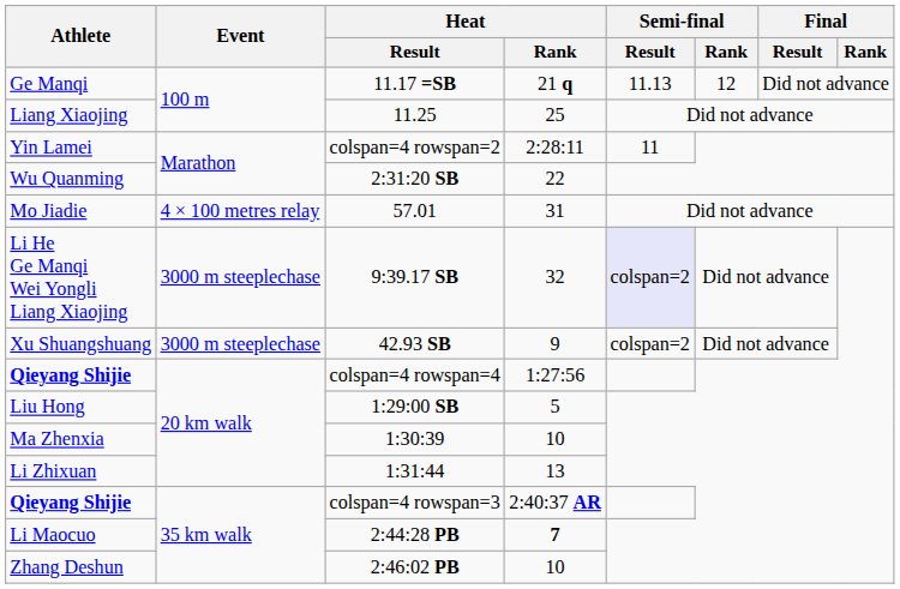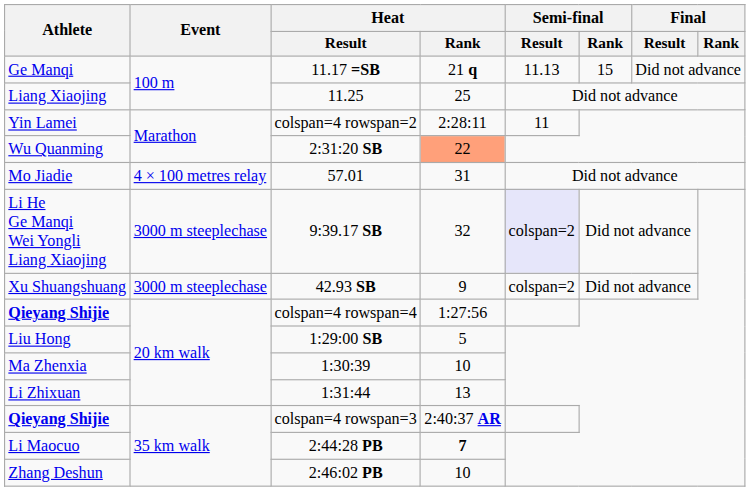 <table class="wikitable" style="font-size:90%">
 <tr>
 <th rowspan="2">Athlete</th>
 <th rowspan="2">Event</th>
 <th colspan="2">Heat</th>
 <th colspan="2">Semi-final</th>
 <th colspan="2">Final</th>
 </tr>
 <tr style="font-size:95%">
 <th>Result</th>
 <th>Rank</th>
 <th>Result</th>
 <th>Rank</th>
 <th>Result</th>
 <th>Rank</th>
 </tr>
 <tr align=center>
 <td align=left><a href='#'>Ge Manqi</a></td>
 <td align=left rowspan=2><a href='#'>100 m</a></td>
 <td>11.17 <strong>=SB</strong></td>
 <td>21 <strong>q</strong></td>
 <td>11.13</td>
-<td>12</td>
+<td>15</td>
 <td colspan="2">Did not advance</td>
 </tr>
 <tr align=center>
 <td align=left><a href='#'>Liang Xiaojing</a></td>
 <td>11.25</td>
 <td>25</td>
 <td colspan="4">Did not advance</td>
 </tr>
 <tr align=center>
 <td align=left><a href='#'>Yin Lamei</a></td>
 <td align=left rowspan=2><a href='#'>Marathon</a></td>
 <td>colspan=4 rowspan=2 </td>
 <td>2:28:11</td>
 <td>11</td>
 </tr>
 <tr align=center>
 <td align=left><a href='#'>Wu Quanming</a></td>
 <td>2:31:20 <strong>SB</strong></td>
-<td>22</td>
+<td style="background: lightsalmon;">22</td>
 </tr>
 <tr align=center>
 <td align=left><a href='#'>Mo Jiadie</a></td>
 <td align=left><a href='#'>4 × 100 metres relay</a></td>
 <td>57.01</td>
 <td>31</td>
 <td colspan="4">Did not advance</td>
 </tr>
 <tr align=center>
 <td align=left><a href='#'>Li He</a> <br> <a href='#'>Ge Manqi</a><br> <a href='#'>Wei Yongli</a><br> <a href='#'>Liang Xiaojing</a></td>
 <td align=left><a href='#'>3000 m steeplechase</a></td>
 <td>9:39.17 <strong>SB</strong></td>
 <td>32</td>
 <td style="background: lavender;">colspan=2</td>
 <td colspan="2">Did not advance</td>
 </tr>
 <tr align=center>
 <td align=left><a href='#'>Xu Shuangshuang</a></td>
 <td align=left><a href='#'>3000 m steeplechase</a></td>
 <td>42.93 <strong>SB</strong></td>
 <td>9</td>
 <td>colspan=2</td>
 <td colspan="2">Did not advance</td>
 </tr>
 <tr align=center>
 <td align=left><strong><a href='#'>Qieyang Shijie</a></strong></td>
 <td align=left rowspan=4><a href='#'>20 km walk</a></td>
 <td>colspan=4 rowspan=4 </td>
 <td>1:27:56</td>
 <td></td>
 </tr>
 <tr align=center>
 <td align=left><a href='#'>Liu Hong</a></td>
 <td>1:29:00 <strong>SB</strong></td>
 <td>5</td>
 </tr>
 <tr align=center>
 <td align=left><a href='#'>Ma Zhenxia</a></td>
 <td>1:30:39</td>
 <td>10</td>
 </tr>
 <tr align=center>
 <td align=left><a href='#'>Li Zhixuan</a></td>
 <td>1:31:44</td>
 <td>13</td>
 </tr>
 <tr align=center>
 <td align=left><strong><a href='#'>Qieyang Shijie</a></strong></td>
 <td align=left rowspan=3><a href='#'>35 km walk</a></td>
 <td>colspan=4 rowspan=3 </td>
 <td>2:40:37 <strong><a href='#'>AR</a></strong></td>
 <td></td>
 </tr>
 <tr align=center>
 <td align=left><a href='#'>Li Maocuo</a></td>
 <td>2:44:28 <strong>PB</strong></td>
 <td><strong>7</strong></td>
 </tr>
 <tr align=center>
 <td align=left><a href='#'>Zhang Deshun</a></td>
 <td>2:46:02 <strong>PB</strong></td>
 <td>10</td>
 </tr>
 </table>
